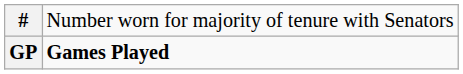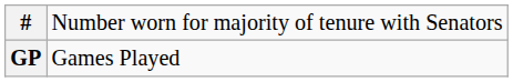 <table class="wikitable">
 <tr>
 <th>#</th>
 <td>Number worn for majority of tenure with Senators</td>
 </tr>
 <tr>
 <th>GP</th>
-<td><strong>Games Played</strong></td>
+<td>Games Played</td>
 </tr>
 </table>
